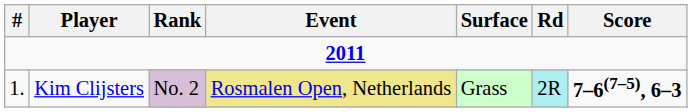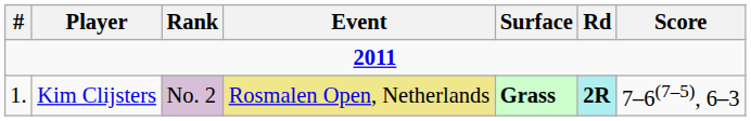 <table class="wikitable sortable">
 <tr>
 <th>#</th>
 <th>Player</th>
 <th>Rank</th>
 <th>Event</th>
 <th>Surface</th>
 <th>Rd</th>
 <th>Score</th>
 </tr>
 <tr>
 <td colspan="7" style="text-align:center;"><a href='#'><strong>2011</strong></a></td>
 </tr>
 <tr>
 <td>1.</td>
 <td> <a href='#'>Kim Clijsters</a></td>
 <td bgcolor="thistle">No. 2</td>
 <td style="background: khaki;"><a href='#'>Rosmalen Open</a>, Netherlands</td>
-<td bgcolor="#cfc">Grass</td>
-<td bgcolor="afeeee">2R</td>
-<td><strong>7–6<sup>(7–5)</sup>, 6–3</strong></td>
+<td bgcolor="#cfc"><strong>Grass</strong></td>
+<td bgcolor="afeeee"><strong>2R</strong></td>
+<td>7–6<sup>(7–5)</sup>, 6–3</td>
 </tr>
 </table>
